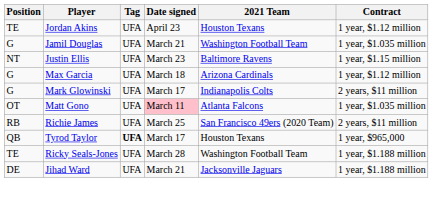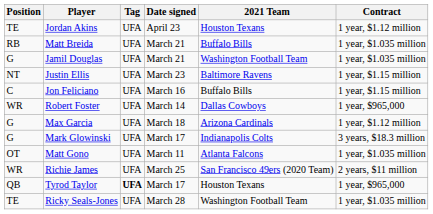 <table class="wikitable">
 <tr>
 <th>Position</th>
 <th>Player</th>
 <th>Tag</th>
 <th>Date signed</th>
 <th>2021 Team</th>
 <th>Contract</th>
 </tr>
 <tr>
 <td>TE</td>
 <td><a href='#'>Jordan Akins</a></td>
 <td>UFA</td>
 <td>April 23</td>
 <td><a href='#'>Houston Texans</a></td>
 <td>1 year, $1.12 million</td>
 </tr>
 <tr>
+<td>RB</td>
+<td><a href='#'>Matt Breida</a></td>
+<td>UFA</td>
+<td>March 21</td>
+<td><a href='#'>Buffalo Bills</a></td>
+<td>1 year, $1.035 million</td>
+</tr>
+<tr>
 <td>G</td>
 <td><a href='#'>Jamil Douglas</a></td>
 <td>UFA</td>
 <td>March 21</td>
 <td><a href='#'>Washington Football Team</a></td>
 <td>1 year, $1.035 million</td>
 </tr>
 <tr>
 <td>NT</td>
 <td><a href='#'>Justin Ellis</a></td>
 <td>UFA</td>
 <td>March 23</td>
 <td><a href='#'>Baltimore Ravens</a></td>
 <td>1 year, $1.15 million</td>
 </tr>
 <tr>
+<td>C</td>
+<td><a href='#'>Jon Feliciano</a></td>
+<td>UFA</td>
+<td>March 16</td>
+<td>Buffalo Bills</td>
+<td>1 year, $1.15 million</td>
+</tr>
+<tr>
+<td>WR</td>
+<td><a href='#'>Robert Foster</a></td>
+<td>UFA</td>
+<td>March 14</td>
+<td><a href='#'>Dallas Cowboys</a></td>
+<td>1 year, $965,000</td>
+</tr>
+<tr>
 <td>G</td>
 <td><a href='#'>Max Garcia</a></td>
 <td>UFA</td>
 <td>March 18</td>
 <td><a href='#'>Arizona Cardinals</a></td>
 <td>1 year, $1.12 million</td>
 </tr>
 <tr>
 <td>G</td>
 <td><a href='#'>Mark Glowinski</a></td>
 <td>UFA</td>
 <td>March 17</td>
 <td><a href='#'>Indianapolis Colts</a></td>
-<td>2 years, $11 million</td>
+<td>3 years, $18.3 million</td>
 </tr>
 <tr>
 <td>OT</td>
 <td><a href='#'>Matt Gono</a></td>
 <td>UFA</td>
-<td style="background: pink;">March 11</td>
+<td>March 11</td>
 <td><a href='#'>Atlanta Falcons</a></td>
 <td>1 year, $1.035 million</td>
 </tr>
 <tr>
-<td>RB</td>
+<td>WR</td>
 <td><a href='#'>Richie James</a></td>
 <td>UFA</td>
 <td>March 25</td>
 <td><a href='#'>San Francisco 49ers</a> (2020 Team)</td>
 <td>2 years, $11 million</td>
 </tr>
 <tr>
 <td>QB</td>
 <td><a href='#'>Tyrod Taylor</a></td>
 <td><strong>UFA</strong></td>
 <td>March 17</td>
 <td>Houston Texans</td>
 <td>1 year, $965,000</td>
 </tr>
 <tr>
 <td>TE</td>
 <td><a href='#'>Ricky Seals-Jones</a></td>
 <td>UFA</td>
 <td>March 28</td>
 <td>Washington Football Team</td>
-<td>1 year, $1.188 million</td>
-</tr>
-<tr>
-<td>DE</td>
-<td><a href='#'>Jihad Ward</a></td>
-<td>UFA</td>
-<td>March 21</td>
-<td><a href='#'>Jacksonville Jaguars</a></td>
-<td>1 year, $1.188 million</td>
+<td>1 year, $1.035 million</td>
 </tr>
 </table>
